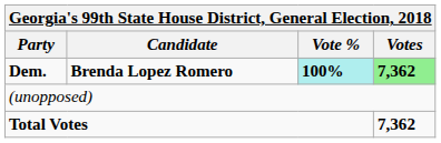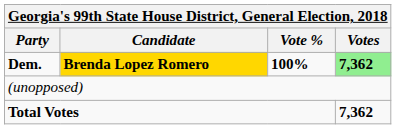 <table class="wikitable">
 <tr>
 <th colspan="4"><u>Georgia's 99th State House District, General Election, 2018</u></th>
 </tr>
 <tr>
 <th><em>Party</em></th>
 <th><em>Candidate</em></th>
 <th><em>Vote %</em></th>
 <th><em>Votes</em></th>
 </tr>
 <tr>
 <td><strong>Dem.</strong></td>
-<td><strong>Brenda Lopez Romero</strong></td>
-<td style="background: paleturquoise;"><strong>100%</strong></td>
+<td style="background: gold;"><strong>Brenda Lopez Romero</strong></td>
+<td><strong>100%</strong></td>
 <td style="background: lightgreen;"><strong>7,362</strong></td>
 </tr>
 <tr>
 <td colspan="4"><em>(unopposed)</em></td>
 </tr>
 <tr>
 <td colspan="3"><strong>Total Votes</strong></td>
 <td><strong>7,362</strong></td>
 </tr>
 </table>
